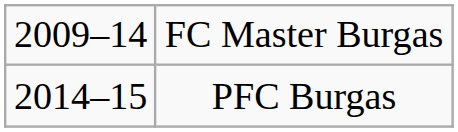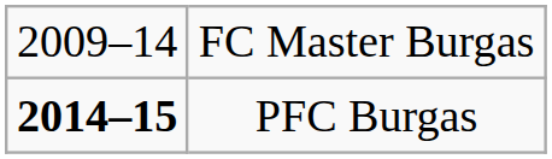 <table class="wikitable" style="text-align: center;">
 <tr>
 <td>2009–14</td>
 <td>FC Master Burgas</td>
 </tr>
 <tr>
-<td>2014–15</td>
+<td><strong>2014–15</strong></td>
 <td>PFC Burgas</td>
 </tr>
 </table>
